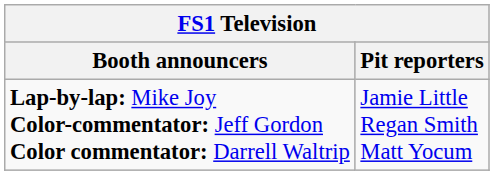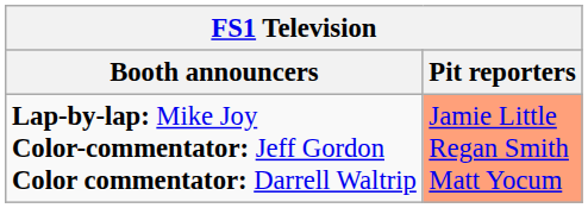 <table class="wikitable" style="font-size: 95%;">
 <tr>
 <th colspan="2"><a href='#'>FS1</a> Television</th>
 </tr>
 <tr>
 <th>Booth announcers</th>
 <th>Pit reporters</th>
 </tr>
 <tr>
 <td><strong>Lap-by-lap:</strong> <a href='#'>Mike Joy</a> <br><strong>Color-commentator:</strong> <a href='#'>Jeff Gordon</a> <br><strong>Color commentator:</strong> <a href='#'>Darrell Waltrip</a></td>
-<td><a href='#'>Jamie Little</a><br><a href='#'>Regan Smith</a><br><a href='#'>Matt Yocum</a></td>
+<td style="background: lightsalmon;"><a href='#'>Jamie Little</a><br><a href='#'>Regan Smith</a><br><a href='#'>Matt Yocum</a></td>
 </tr>
 </table>
